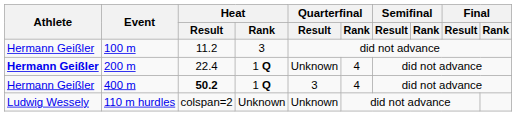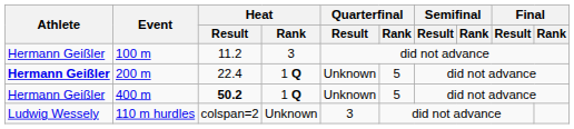 <table class=wikitable style=font-size:90%;text-align:center>
 <tr>
 <th rowspan=2>Athlete</th>
 <th rowspan=2>Event</th>
 <th colspan=2>Heat</th>
 <th colspan=2>Quarterfinal</th>
 <th colspan=2>Semifinal</th>
 <th colspan=2>Final</th>
 </tr>
 <tr style=font-size:95%>
 <th>Result</th>
 <th>Rank</th>
 <th>Result</th>
 <th>Rank</th>
 <th>Result</th>
 <th>Rank</th>
 <th>Result</th>
 <th>Rank</th>
 </tr>
 <tr>
 <td align=left><a href='#'>Hermann Geißler</a></td>
 <td align=left><a href='#'>100 m</a></td>
 <td>11.2</td>
 <td>3</td>
 <td colspan=6>did not advance</td>
 </tr>
 <tr>
 <td align=left><strong><a href='#'>Hermann Geißler</a></strong></td>
 <td align=left><a href='#'>200 m</a></td>
 <td>22.4</td>
 <td>1 <strong>Q</strong></td>
 <td>Unknown</td>
-<td>4</td>
+<td>5</td>
 <td colspan=4>did not advance</td>
 </tr>
 <tr>
 <td align=left><a href='#'>Hermann Geißler</a></td>
 <td align=left><a href='#'>400 m</a></td>
 <td><strong>50.2</strong></td>
 <td>1 <strong>Q</strong></td>
-<td>3</td>
-<td>4</td>
+<td>Unknown</td>
+<td>5</td>
 <td colspan=4>did not advance</td>
 </tr>
 <tr>
 <td align=left><a href='#'>Ludwig Wessely</a></td>
 <td align=left><a href='#'>110 m hurdles</a></td>
 <td>colspan=2 </td>
 <td>Unknown</td>
-<td>Unknown</td>
+<td>3</td>
 <td colspan=4>did not advance</td>
 </tr>
 </table>
